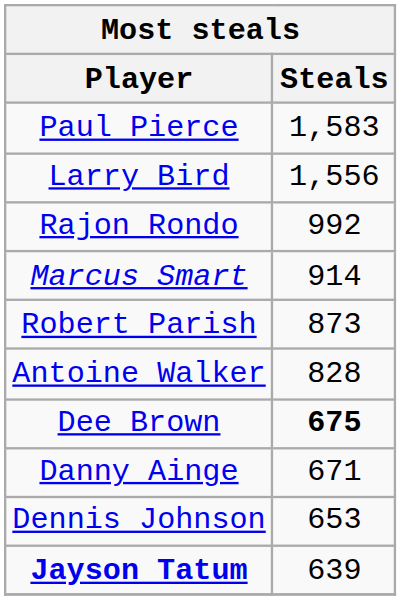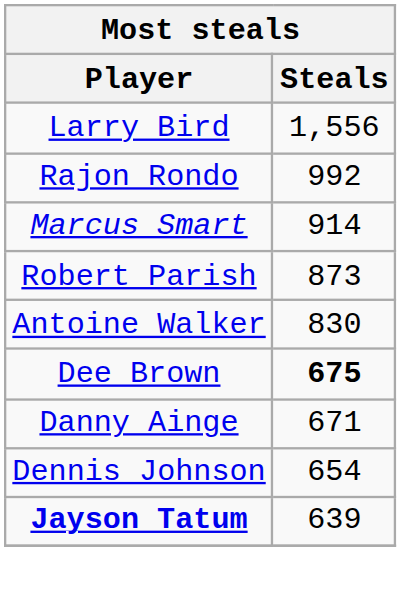 <table class="wikitable sortable" style="text-align:center">
 <tr>
 <th colspan="2" style="text-align:center; ">Most steals</th>
 </tr>
 <tr>
 <th style="text-align:center; ">Player</th>
 <th style="text-align:center; ">Steals</th>
-</tr>
-<tr>
-<td><a href='#'>Paul Pierce</a></td>
-<td>1,583</td>
 </tr>
 <tr>
 <td><a href='#'>Larry Bird</a></td>
 <td>1,556</td>
 </tr>
 <tr>
 <td><a href='#'>Rajon Rondo</a></td>
 <td>992</td>
 </tr>
 <tr>
 <td><em><a href='#'>Marcus Smart</a></em></td>
 <td>914</td>
 </tr>
 <tr>
 <td><a href='#'>Robert Parish</a></td>
 <td>873</td>
 </tr>
 <tr>
 <td><a href='#'>Antoine Walker</a></td>
-<td>828</td>
+<td>830</td>
 </tr>
 <tr>
 <td><a href='#'>Dee Brown</a></td>
 <td><strong>675</strong></td>
 </tr>
 <tr>
 <td><a href='#'>Danny Ainge</a></td>
 <td>671</td>
 </tr>
 <tr>
 <td><a href='#'>Dennis Johnson</a></td>
-<td>653</td>
+<td>654</td>
 </tr>
 <tr>
 <td><strong><a href='#'>Jayson Tatum</a></strong></td>
 <td>639</td>
 </tr>
 <tr>
 </tr>
 </table>
